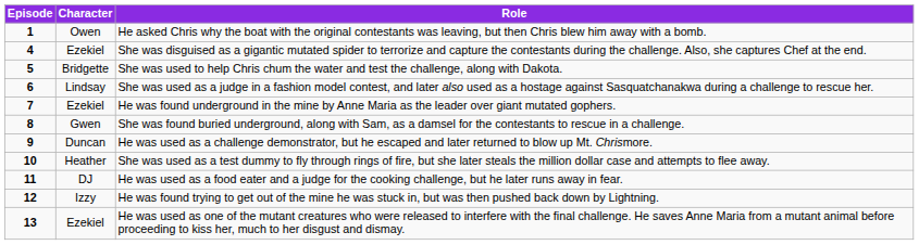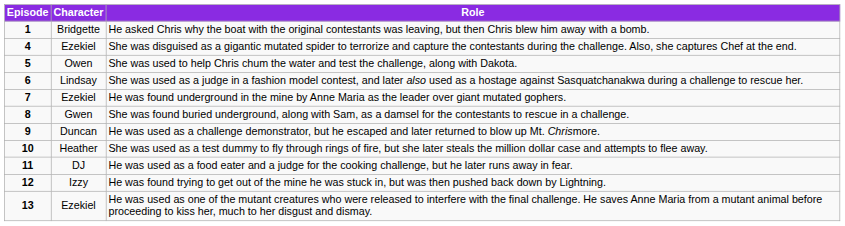 <table class="wikitable sortable" style="text-align:center">
 <tr>
 <th style="background:#8A2BE2;color:white">Episode</th>
 <th style="background:#8A2BE2;color:white">Character</th>
 <th style="background:#8A2BE2;color:white" class="unsortable">Role</th>
 </tr>
 <tr>
 <td><strong>1</strong></td>
-<td>Owen</td>
+<td>Bridgette</td>
 <td align="left">He asked Chris why the boat with the original contestants was leaving, but then Chris blew him away with a bomb.</td>
 </tr>
 <tr>
 <td><strong>4</strong></td>
 <td>Ezekiel</td>
 <td align="left">She was disguised as a gigantic mutated spider to terrorize and capture the contestants during the challenge. Also, she captures Chef at the end.</td>
 </tr>
 <tr>
 <td><strong>5</strong></td>
-<td>Bridgette</td>
+<td>Owen</td>
 <td align="left">She was used to help Chris chum the water and test the challenge, along with Dakota.</td>
 </tr>
 <tr>
 <td><strong>6</strong></td>
 <td>Lindsay</td>
 <td align="left">She was used as a judge in a fashion model contest, and later <em>also</em> used as a hostage against Sasquatchanakwa during a challenge to rescue her.</td>
 </tr>
 <tr>
 <td><strong>7</strong></td>
 <td>Ezekiel</td>
 <td align="left">He was found underground in the mine by Anne Maria as the leader over giant mutated gophers.</td>
 </tr>
 <tr>
 <td><strong>8</strong></td>
 <td>Gwen</td>
 <td align="left">She was found buried underground, along with Sam, as a damsel for the contestants to rescue in a challenge.</td>
 </tr>
 <tr>
 <td><strong>9</strong></td>
 <td>Duncan</td>
 <td align="left">He was used as a challenge demonstrator, but he escaped and later returned to blow up Mt. <em>Chris</em>more.</td>
 </tr>
 <tr>
 <td><strong>10</strong></td>
 <td>Heather</td>
 <td align="left">She was used as a test dummy to fly through rings of fire, but she later steals the million dollar case and attempts to flee away.</td>
 </tr>
 <tr>
 <td><strong>11</strong></td>
 <td>DJ</td>
 <td align="left">He was used as a food eater and a judge for the cooking challenge, but he later runs away in fear.</td>
 </tr>
 <tr>
 <td><strong>12</strong></td>
 <td>Izzy</td>
 <td align="left">He was found trying to get out of the mine he was stuck in, but was then pushed back down by Lightning.</td>
 </tr>
 <tr>
 <td><strong>13</strong></td>
 <td>Ezekiel</td>
 <td align="left">He was used as one of the mutant creatures who were released to interfere with the final challenge. He saves Anne Maria from a mutant animal before proceeding to kiss her, much to her disgust and dismay.</td>
 </tr>
 </table>
